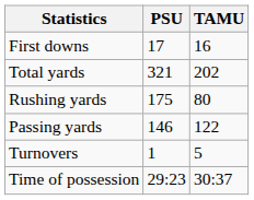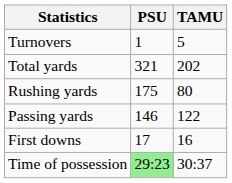 <table class="wikitable" style="float: left;">
 <tr>
 <th>Statistics</th>
 <th>PSU</th>
 <th>TAMU</th>
 </tr>
 <tr>
-<td>First downs</td>
-<td>17</td>
-<td>16</td>
+<td>Turnovers</td>
+<td>1</td>
+<td>5</td>
 </tr>
 <tr>
 <td>Total yards</td>
 <td>321</td>
 <td>202</td>
 </tr>
 <tr>
 <td>Rushing yards</td>
 <td>175</td>
 <td>80</td>
 </tr>
 <tr>
 <td>Passing yards</td>
 <td>146</td>
 <td>122</td>
 </tr>
 <tr>
-<td>Turnovers</td>
-<td>1</td>
-<td>5</td>
+<td>First downs</td>
+<td>17</td>
+<td>16</td>
 </tr>
 <tr>
 <td>Time of possession</td>
-<td>29:23</td>
+<td style="background: lightgreen;">29:23</td>
 <td>30:37</td>
 </tr>
 </table>
